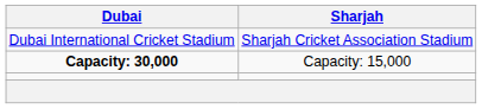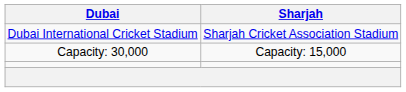 <table class="wikitable" style="margin:1em auto; text-align:center; font-size:90%">
 <tr>
 <th><a href='#'>Dubai</a></th>
 <th><a href='#'>Sharjah</a></th>
 </tr>
 <tr>
 <td><a href='#'>Dubai International Cricket Stadium</a></td>
 <td><a href='#'>Sharjah Cricket Association Stadium</a></td>
 </tr>
 <tr>
-<td><strong>Capacity: 30,000</strong></td>
+<td>Capacity: 30,000</td>
 <td>Capacity: 15,000</td>
 </tr>
 <tr>
 <td></td>
 <td></td>
 </tr>
 <tr>
 <th colspan=2><br></th>
 </tr>
 </table>
